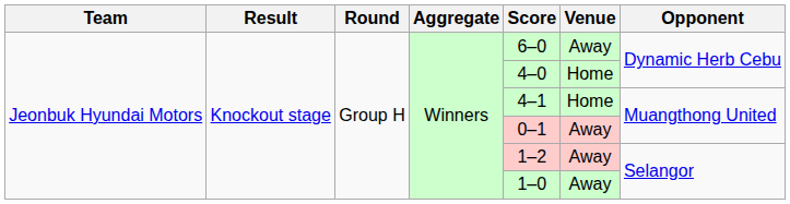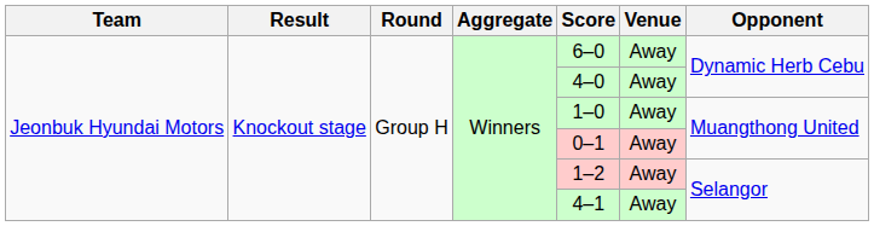 <table class="wikitable" style="text-align:center">
 <tr>
 <th>Team</th>
 <th>Result</th>
 <th>Round</th>
 <th>Aggregate</th>
 <th>Score</th>
 <th>Venue</th>
 <th>Opponent</th>
 </tr>
 <tr>
 <td rowspan="6"><a href='#'>Jeonbuk Hyundai Motors</a></td>
 <td rowspan="6"><a href='#'>Knockout stage</a></td>
 <td rowspan="6">Group H</td>
 <td rowspan="6" style="background:#cfc">Winners</td>
 <td style="background:#cfc">6–0</td>
 <td style="background:#cfc">Away</td>
 <td align="left" rowspan="2"> <a href='#'>Dynamic Herb Cebu</a></td>
 </tr>
 <tr>
 <td style="background:#cfc">4–0</td>
-<td style="background:#cfc">Home</td>
+<td style="background:#cfc">Away</td>
 </tr>
 <tr>
-<td style="background:#cfc">4–1</td>
-<td style="background:#cfc">Home</td>
+<td style="background:#cfc">1–0</td>
+<td style="background:#cfc">Away</td>
 <td align="left" rowspan="2"> <a href='#'>Muangthong United</a></td>
 </tr>
 <tr>
 <td style="background:#fcc">0–1</td>
 <td style="background:#fcc">Away</td>
 </tr>
 <tr>
 <td style="background:#fcc">1–2</td>
 <td style="background:#fcc">Away</td>
 <td align="left" rowspan="2"> <a href='#'>Selangor</a></td>
 </tr>
 <tr>
-<td style="background:#cfc">1–0</td>
+<td style="background:#cfc">4–1</td>
 <td style="background:#cfc">Away</td>
 </tr>
 </table>
